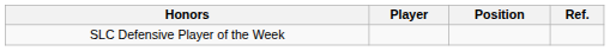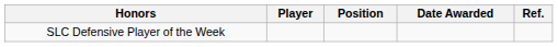 <table class="wikitable" style="width: 60%;text-align: center;">
 <tr>
 <th>Honors</th>
 <th>Player</th>
 <th>Position</th>
+<th>Date Awarded</th>
 <th>Ref.</th>
 </tr>
 <tr align="center">
 <td rowspan="1">SLC Defensive Player of the Week</td>
 <td></td>
 <td></td>
 <td></td>
+<td></td>
 </tr>
 </table>
